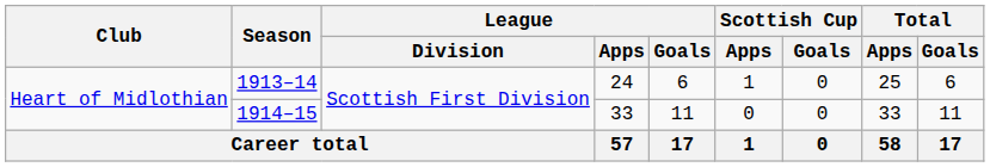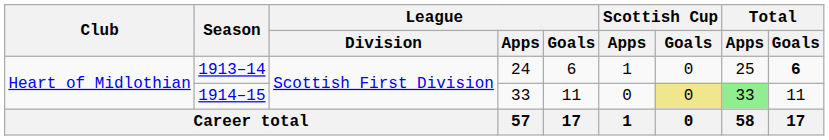 <table class="wikitable" style="text-align: center;">
 <tr>
 <th rowspan="2">Club</th>
 <th rowspan="2">Season</th>
 <th colspan="3">League</th>
 <th colspan="2">Scottish Cup</th>
 <th colspan="2">Total</th>
 </tr>
 <tr>
 <th>Division</th>
 <th>Apps</th>
 <th>Goals</th>
 <th>Apps</th>
 <th>Goals</th>
 <th>Apps</th>
 <th>Goals</th>
 </tr>
 <tr>
 <td rowspan="2"><a href='#'>Heart of Midlothian</a></td>
 <td><a href='#'>1913–14</a></td>
 <td rowspan="2"><a href='#'>Scottish First Division</a></td>
 <td>24</td>
 <td>6</td>
 <td>1</td>
 <td>0</td>
 <td>25</td>
-<td>6</td>
+<td><strong>6</strong></td>
 </tr>
 <tr>
 <td><a href='#'>1914–15</a></td>
 <td>33</td>
 <td>11</td>
 <td>0</td>
-<td>0</td>
-<td>33</td>
+<td style="background: khaki;">0</td>
+<td style="background: lightgreen;">33</td>
 <td>11</td>
 </tr>
 <tr>
 <th colspan="3">Career total</th>
 <th>57</th>
 <th>17</th>
 <th>1</th>
 <th>0</th>
 <th>58</th>
 <th>17</th>
 </tr>
 </table>
